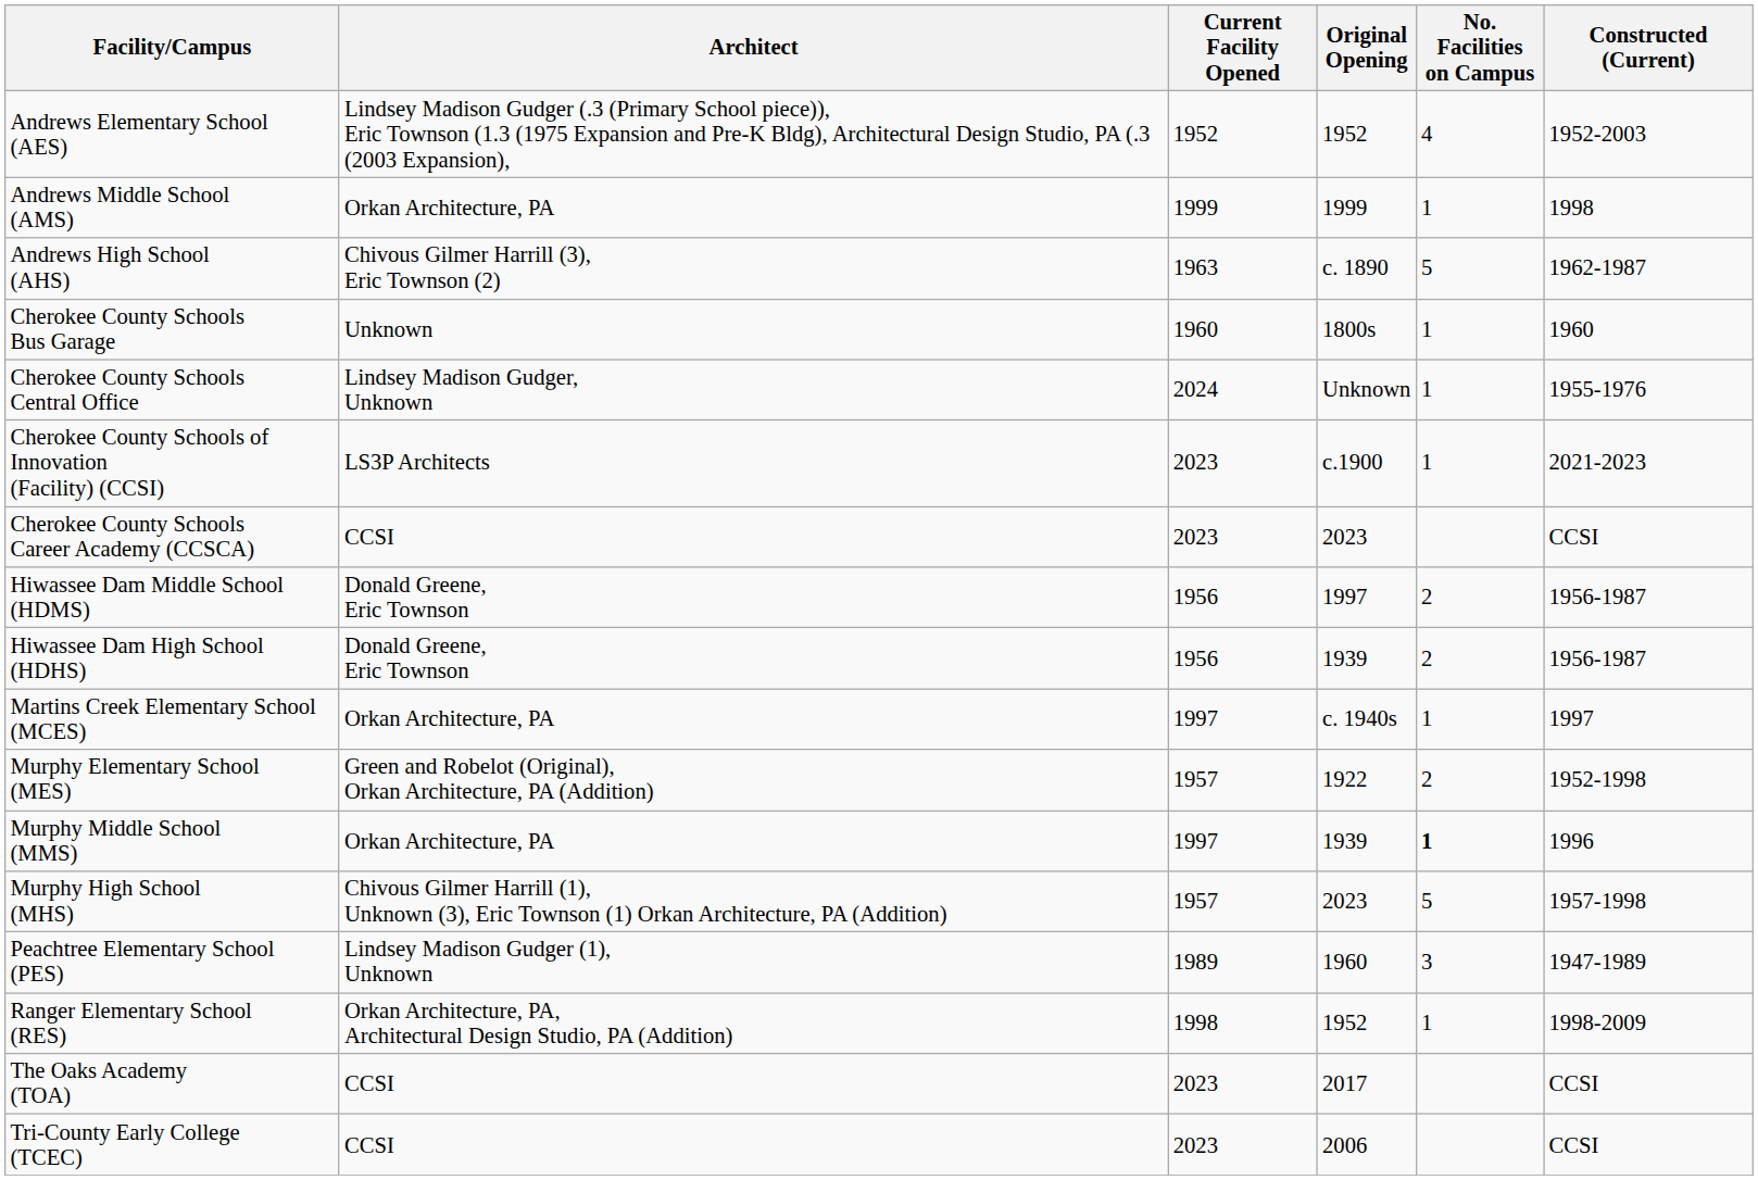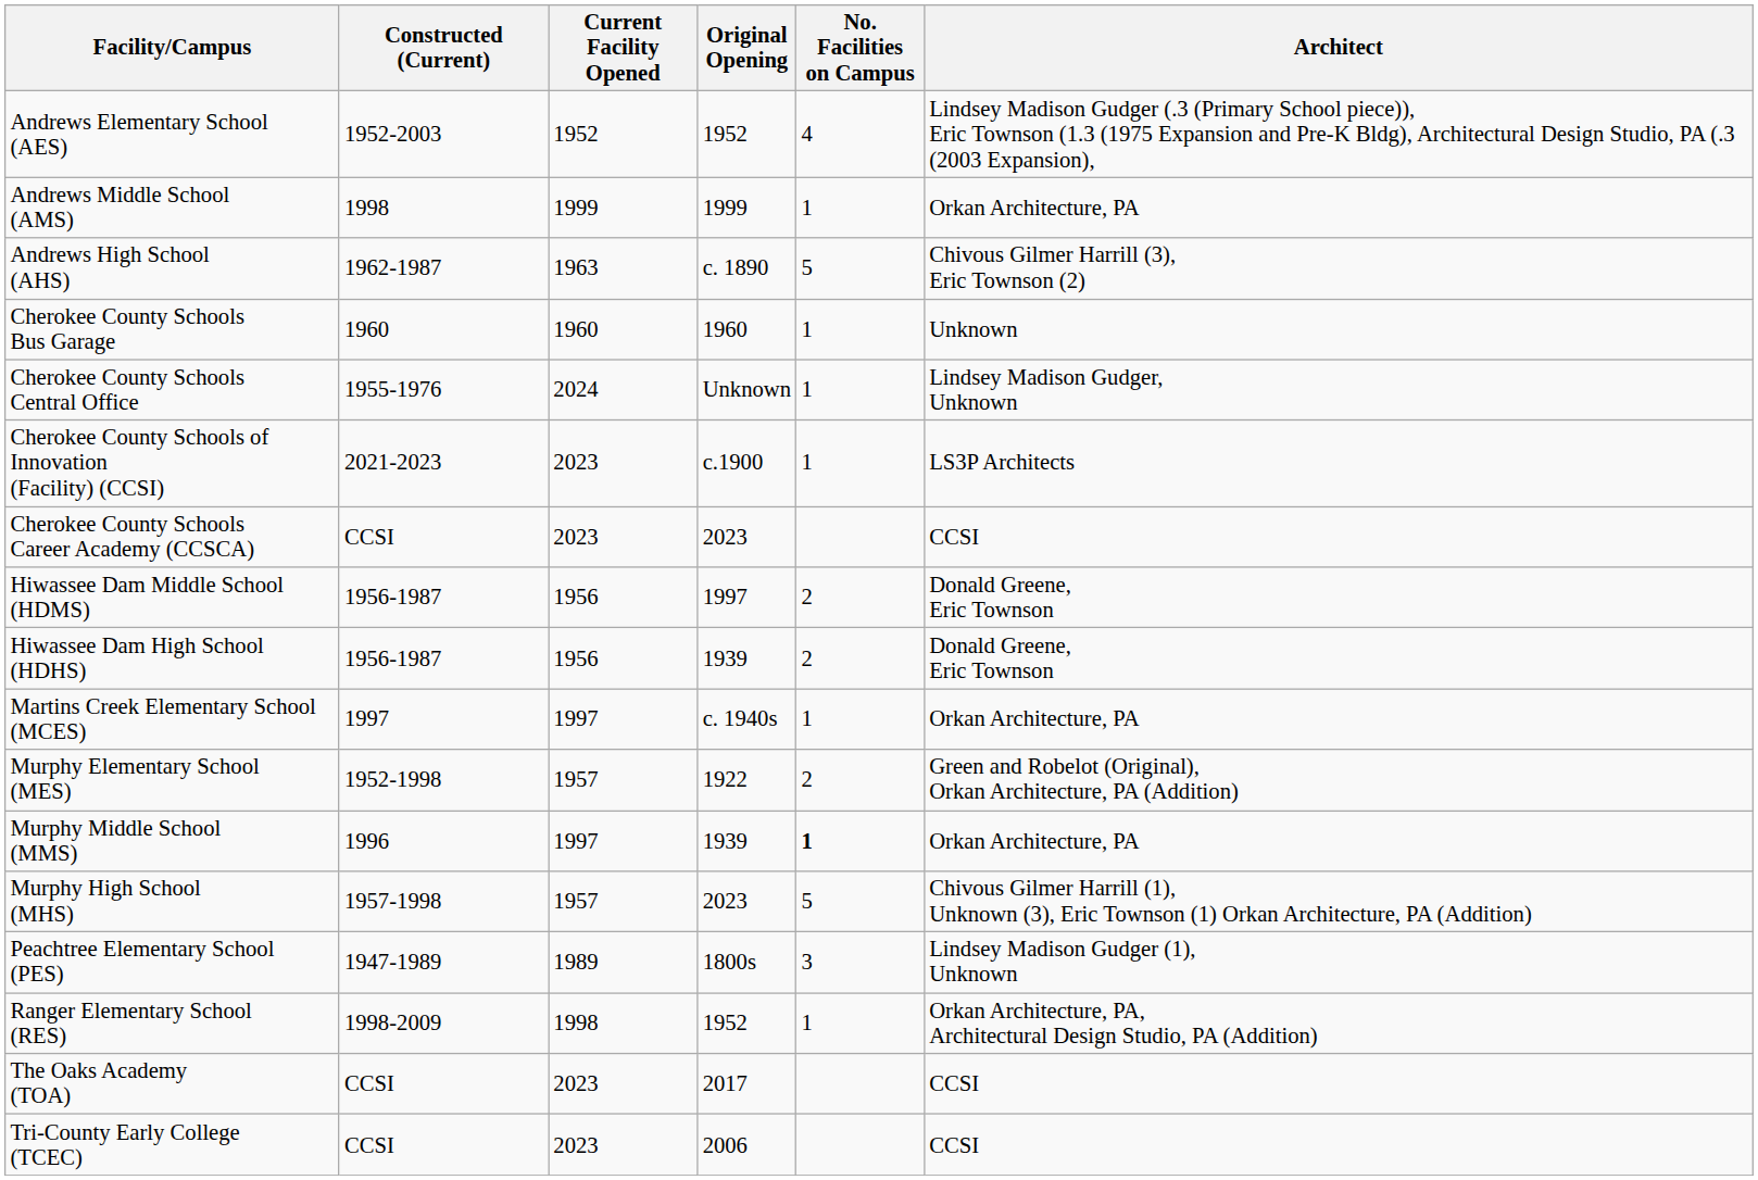 <table class="wikitable sortable mw-collapsible">
 <tr>
 <th>Facility/Campus</th>
-<th>Architect</th>
+<th>Constructed (Current)</th>
 <th>Current<br>Facility Opened</th>
 <th>Original<br>Opening</th>
 <th>No. Facilities<br>on Campus</th>
-<th>Constructed (Current)</th>
+<th>Architect</th>
 </tr>
 <tr>
 <td>Andrews Elementary School<br>(AES)</td>
-<td>Lindsey Madison Gudger (.3 (Primary School piece)),<br>Eric Townson (1.3 (1975 Expansion and Pre-K Bldg), Architectural Design Studio, PA (.3 (2003 Expansion),</td>
+<td>1952-2003</td>
 <td>1952</td>
 <td>1952</td>
 <td>4</td>
-<td>1952-2003</td>
+<td>Lindsey Madison Gudger (.3 (Primary School piece)),<br>Eric Townson (1.3 (1975 Expansion and Pre-K Bldg), Architectural Design Studio, PA (.3 (2003 Expansion),</td>
 </tr>
 <tr>
 <td>Andrews Middle School<br>(AMS)</td>
-<td>Orkan Architecture, PA</td>
+<td>1998</td>
 <td>1999</td>
 <td>1999</td>
 <td>1</td>
-<td>1998</td>
+<td>Orkan Architecture, PA</td>
 </tr>
 <tr>
 <td>Andrews High School<br>(AHS)</td>
-<td>Chivous Gilmer Harrill (3),<br>Eric Townson (2)</td>
+<td>1962-1987</td>
 <td>1963</td>
 <td>c. 1890</td>
 <td>5</td>
-<td>1962-1987</td>
+<td>Chivous Gilmer Harrill (3),<br>Eric Townson (2)</td>
 </tr>
 <tr>
 <td>Cherokee County Schools<br>Bus Garage</td>
+<td>1960</td>
+<td>1960</td>
+<td>1960</td>
+<td>1</td>
 <td>Unknown</td>
-<td>1960</td>
-<td>1800s</td>
-<td>1</td>
-<td>1960</td>
 </tr>
 <tr>
 <td>Cherokee County Schools<br>Central Office</td>
-<td>Lindsey Madison Gudger,<br>Unknown</td>
+<td>1955-1976</td>
 <td>2024</td>
 <td>Unknown</td>
 <td>1</td>
-<td>1955-1976</td>
+<td>Lindsey Madison Gudger,<br>Unknown</td>
 </tr>
 <tr>
 <td>Cherokee County Schools of Innovation<br>(Facility) (CCSI)</td>
-<td>LS3P Architects</td>
+<td>2021-2023</td>
 <td>2023</td>
 <td>c.1900</td>
 <td>1</td>
-<td>2021-2023</td>
+<td>LS3P Architects</td>
 </tr>
 <tr>
 <td>Cherokee County Schools<br>Career Academy (CCSCA)</td>
 <td>CCSI</td>
 <td>2023</td>
 <td>2023</td>
 <td></td>
 <td>CCSI</td>
 </tr>
 <tr>
 <td>Hiwassee Dam Middle School<br>(HDMS)</td>
-<td>Donald Greene,<br>Eric Townson</td>
+<td>1956-1987</td>
 <td>1956</td>
 <td>1997</td>
 <td>2</td>
-<td>1956-1987</td>
+<td>Donald Greene,<br>Eric Townson</td>
 </tr>
 <tr>
 <td>Hiwassee Dam High School<br>(HDHS)</td>
-<td>Donald Greene,<br>Eric Townson</td>
+<td>1956-1987</td>
 <td>1956</td>
 <td>1939</td>
 <td>2</td>
-<td>1956-1987</td>
+<td>Donald Greene,<br>Eric Townson</td>
 </tr>
 <tr>
 <td>Martins Creek Elementary School<br>(MCES)</td>
-<td>Orkan Architecture, PA</td>
+<td>1997</td>
 <td>1997</td>
 <td>c. 1940s</td>
 <td>1</td>
-<td>1997</td>
+<td>Orkan Architecture, PA</td>
 </tr>
 <tr>
 <td>Murphy Elementary School<br>(MES)</td>
-<td>Green and Robelot (Original),<br>Orkan Architecture, PA (Addition)</td>
+<td>1952-1998</td>
 <td>1957</td>
 <td>1922</td>
 <td>2</td>
-<td>1952-1998</td>
+<td>Green and Robelot (Original),<br>Orkan Architecture, PA (Addition)</td>
 </tr>
 <tr>
 <td>Murphy Middle School<br>(MMS)</td>
-<td>Orkan Architecture, PA</td>
+<td>1996</td>
 <td>1997</td>
 <td>1939</td>
 <td><strong>1</strong></td>
-<td>1996</td>
+<td>Orkan Architecture, PA</td>
 </tr>
 <tr>
 <td>Murphy High School<br>(MHS)</td>
-<td>Chivous Gilmer Harrill (1),<br>Unknown (3), Eric Townson (1) Orkan Architecture, PA (Addition)</td>
+<td>1957-1998</td>
 <td>1957</td>
 <td>2023</td>
 <td>5</td>
-<td>1957-1998</td>
+<td>Chivous Gilmer Harrill (1),<br>Unknown (3), Eric Townson (1) Orkan Architecture, PA (Addition)</td>
 </tr>
 <tr>
 <td>Peachtree Elementary School<br>(PES)</td>
+<td>1947-1989</td>
+<td>1989</td>
+<td>1800s</td>
+<td>3</td>
 <td>Lindsey Madison Gudger (1),<br>Unknown</td>
-<td>1989</td>
-<td>1960</td>
-<td>3</td>
-<td>1947-1989</td>
 </tr>
 <tr>
 <td>Ranger Elementary School<br>(RES)</td>
-<td>Orkan Architecture, PA,<br>Architectural Design Studio, PA (Addition)</td>
+<td>1998-2009</td>
 <td>1998</td>
 <td>1952</td>
 <td>1</td>
-<td>1998-2009</td>
+<td>Orkan Architecture, PA,<br>Architectural Design Studio, PA (Addition)</td>
 </tr>
 <tr>
 <td>The Oaks Academy<br>(TOA)</td>
 <td>CCSI</td>
 <td>2023</td>
 <td>2017</td>
 <td></td>
 <td>CCSI</td>
 </tr>
 <tr>
 <td>Tri-County Early College<br>(TCEC)</td>
 <td>CCSI</td>
 <td>2023</td>
 <td>2006</td>
 <td></td>
 <td>CCSI</td>
 </tr>
 </table>
